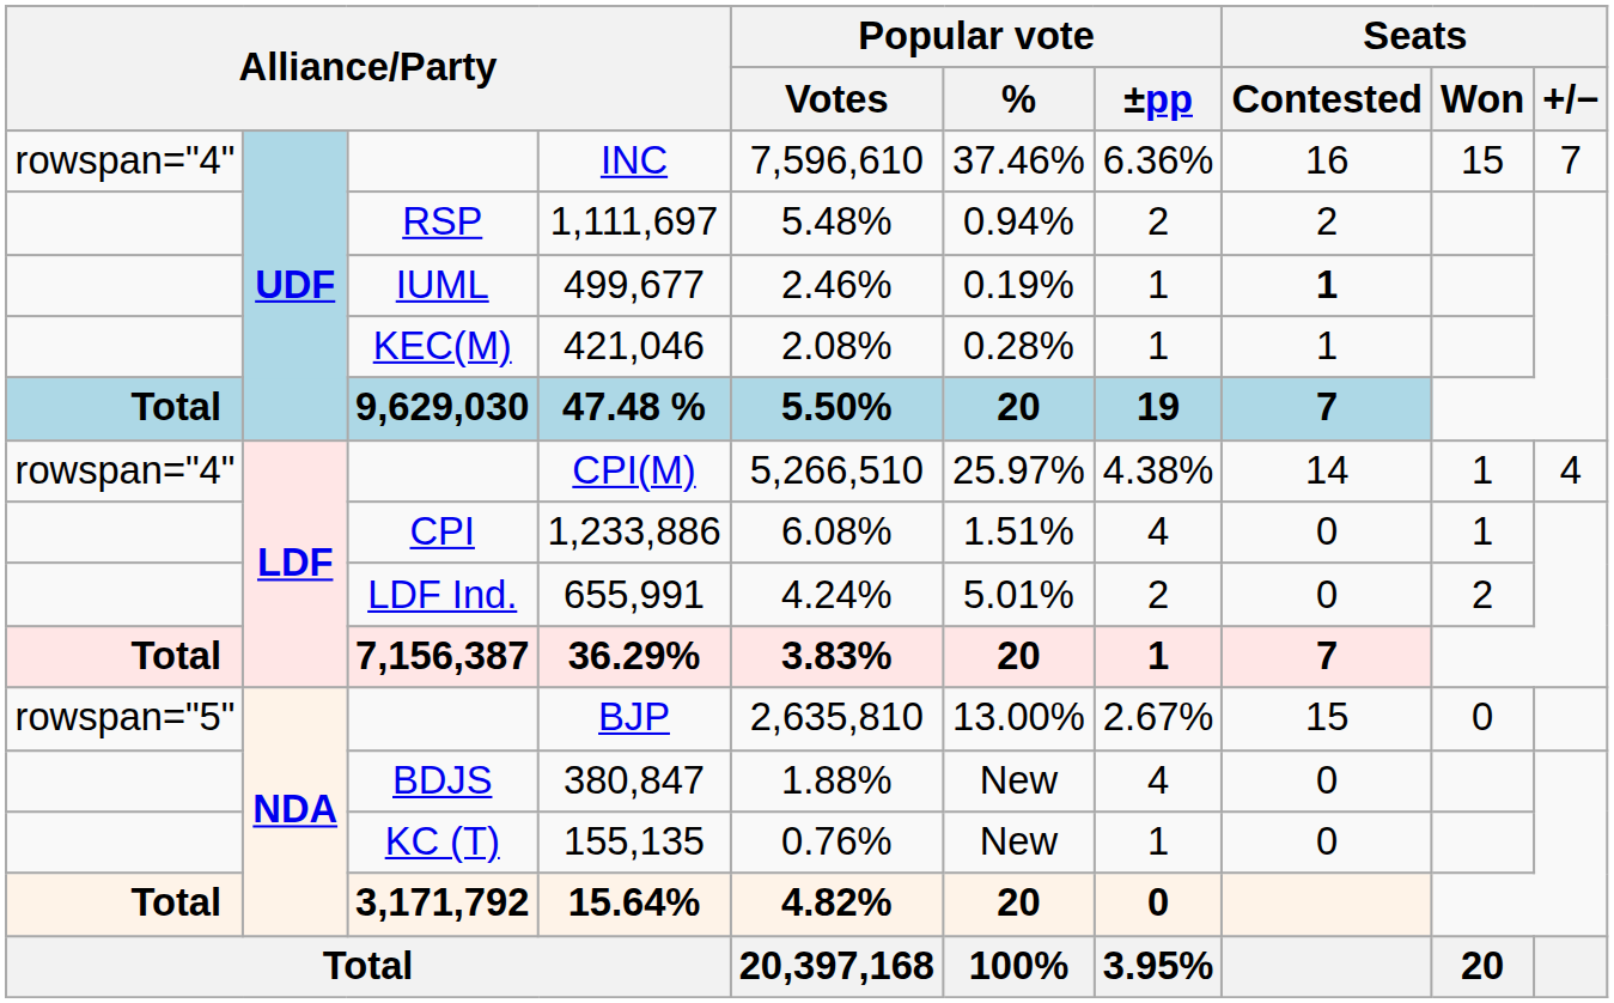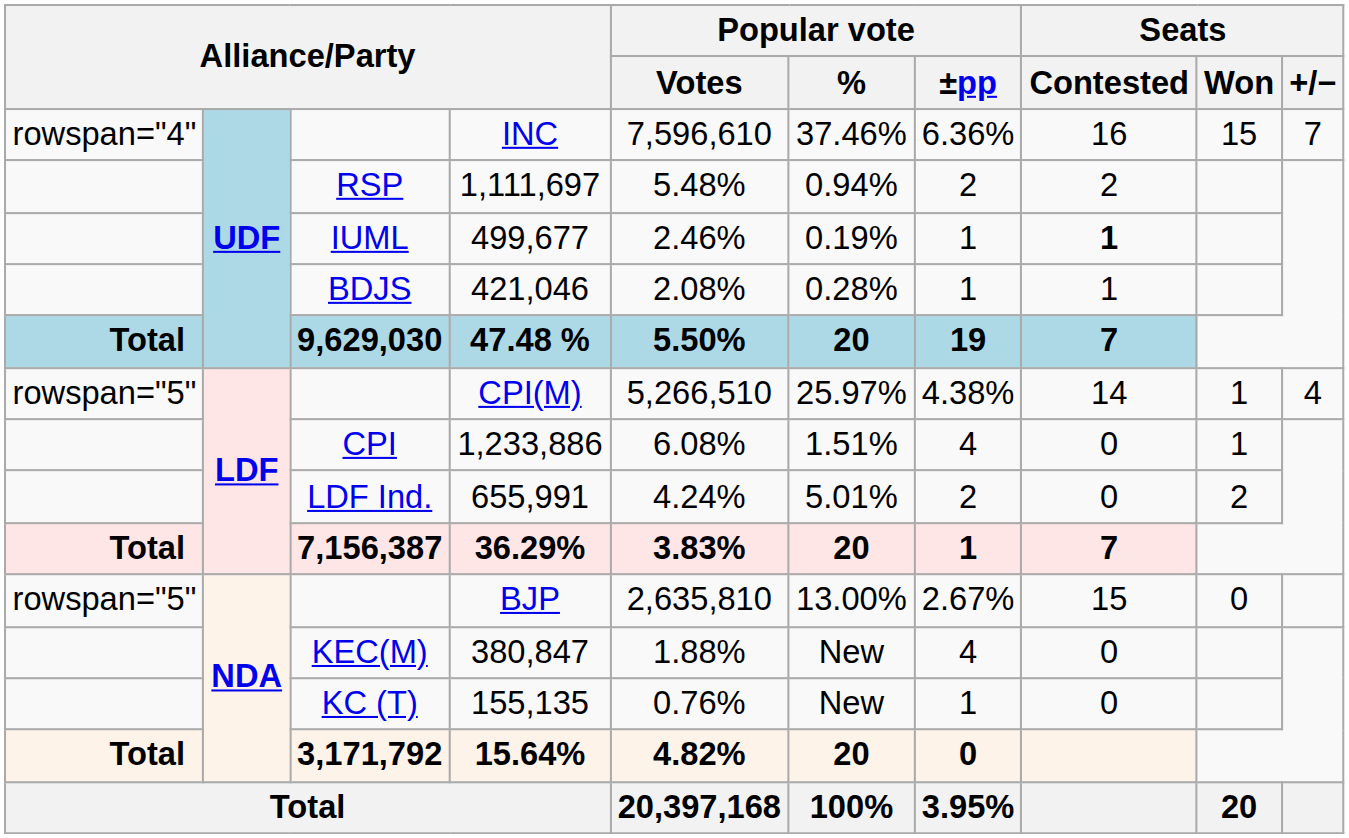 <table class="wikitable sortable" style="text-align:center;">
 <tr>
 <th colspan="4" rowspan="2">Alliance/Party</th>
 <th colspan="3">Popular vote</th>
 <th colspan="3">Seats</th>
 </tr>
 <tr>
 <th>Votes</th>
 <th>%</th>
 <th>±<a href='#'>pp</a></th>
 <th>Contested</th>
 <th>Won</th>
 <th><strong>+/−</strong></th>
 </tr>
 <tr>
 <td>rowspan="4" </td>
 <th rowspan="5"style="background:#ADD8E6"><a href='#'>UDF</a></th>
 <td></td>
 <td><a href='#'>INC</a></td>
 <td>7,596,610</td>
 <td>37.46%</td>
 <td> 6.36%</td>
 <td>16</td>
 <td>15</td>
 <td> 7</td>
 </tr>
 <tr>
 <td></td>
 <td><a href='#'>RSP</a></td>
 <td>1,111,697</td>
 <td>5.48%</td>
 <td> 0.94%</td>
 <td>2</td>
 <td>2</td>
 <td></td>
 </tr>
 <tr>
 <td></td>
 <td><a href='#'>IUML</a></td>
 <td>499,677</td>
 <td>2.46%</td>
 <td> 0.19%</td>
 <td>1</td>
 <td><strong>1</strong></td>
 <td></td>
 </tr>
 <tr>
 <td></td>
-<td><a href='#'>KEC(M)</a></td>
+<td><a href='#'>BDJS</a></td>
 <td>421,046</td>
 <td>2.08%</td>
 <td> 0.28%</td>
 <td>1</td>
 <td>1</td>
 <td></td>
 </tr>
 <tr>
 <th colspan="2"style="background:#ADD8E6">Total</th>
 <th style="background:#ADD8E6">9,629,030</th>
 <th style="background:#ADD8E6">47.48 %</th>
 <th style="background:#ADD8E6"> 5.50%</th>
 <th style="background:#ADD8E6">20</th>
 <th style="background:#ADD8E6">19</th>
 <th style="background:#ADD8E6"> 7</th>
 </tr>
 <tr>
-<td>rowspan="4" </td>
+<td>rowspan="5" </td>
 <th rowspan="4"style="background:#FFE6E6"><a href='#'>LDF</a></th>
 <td></td>
 <td><a href='#'>CPI(M)</a></td>
 <td>5,266,510</td>
 <td>25.97%</td>
 <td> 4.38%</td>
 <td>14</td>
 <td>1</td>
 <td> 4</td>
 </tr>
 <tr>
 <td></td>
 <td><a href='#'>CPI</a></td>
 <td>1,233,886</td>
 <td>6.08%</td>
 <td> 1.51%</td>
 <td>4</td>
 <td>0</td>
 <td> 1</td>
 </tr>
 <tr>
 <td></td>
 <td><a href='#'>LDF Ind.</a></td>
 <td>655,991</td>
 <td>4.24%</td>
 <td> 5.01%</td>
 <td>2</td>
 <td>0</td>
 <td> 2</td>
 </tr>
 <tr>
 <th colspan="2"style="background:#FFE6E6">Total</th>
 <th style="background:#FFE6E6">7,156,387</th>
 <th style="background:#FFE6E6">36.29%</th>
 <th style="background:#FFE6E6"> 3.83%</th>
 <th style="background:#FFE6E6">20</th>
 <th style="background:#FFE6E6">1</th>
 <th style="background:#FFE6E6"> 7</th>
 </tr>
 <tr>
 <td>rowspan="5" </td>
 <th rowspan="4"style="background:#fef3e8"><a href='#'>NDA</a></th>
 <td></td>
 <td><a href='#'>BJP</a></td>
 <td>2,635,810</td>
 <td>13.00%</td>
 <td> 2.67%</td>
 <td>15</td>
 <td>0</td>
 <td></td>
 </tr>
 <tr>
 <td></td>
-<td><a href='#'>BDJS</a></td>
+<td><a href='#'>KEC(M)</a></td>
 <td>380,847</td>
 <td>1.88%</td>
 <td>New</td>
 <td>4</td>
 <td>0</td>
 <td></td>
 </tr>
 <tr>
 <td></td>
 <td><a href='#'>KC (T)</a></td>
 <td>155,135</td>
 <td>0.76%</td>
 <td>New</td>
 <td>1</td>
 <td>0</td>
 <td></td>
 </tr>
 <tr>
 <th colspan="2"style="background:#fef3e8">Total</th>
 <th style="background:#fef3e8">3,171,792</th>
 <th style="background:#fef3e8">15.64%</th>
 <th style="background:#fef3e8"> 4.82%</th>
 <th style="background:#fef3e8">20</th>
 <th style="background:#fef3e8">0</th>
 <th style="background:#fef3e8"></th>
 </tr>
 <tr>
 <th colspan=4>Total</th>
 <th>20,397,168</th>
 <th>100%</th>
 <th> 3.95%</th>
 <th></th>
 <th>20</th>
 <th></th>
 </tr>
 </table>
